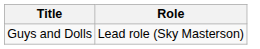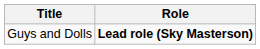 <table class="wikitable">
 <tr>
 <th>Title</th>
 <th>Role</th>
 </tr>
 <tr>
 <td>Guys and Dolls</td>
-<td>Lead role (Sky Masterson)</td>
+<td><strong>Lead role (Sky Masterson)</strong></td>
 </tr>
 </table>
